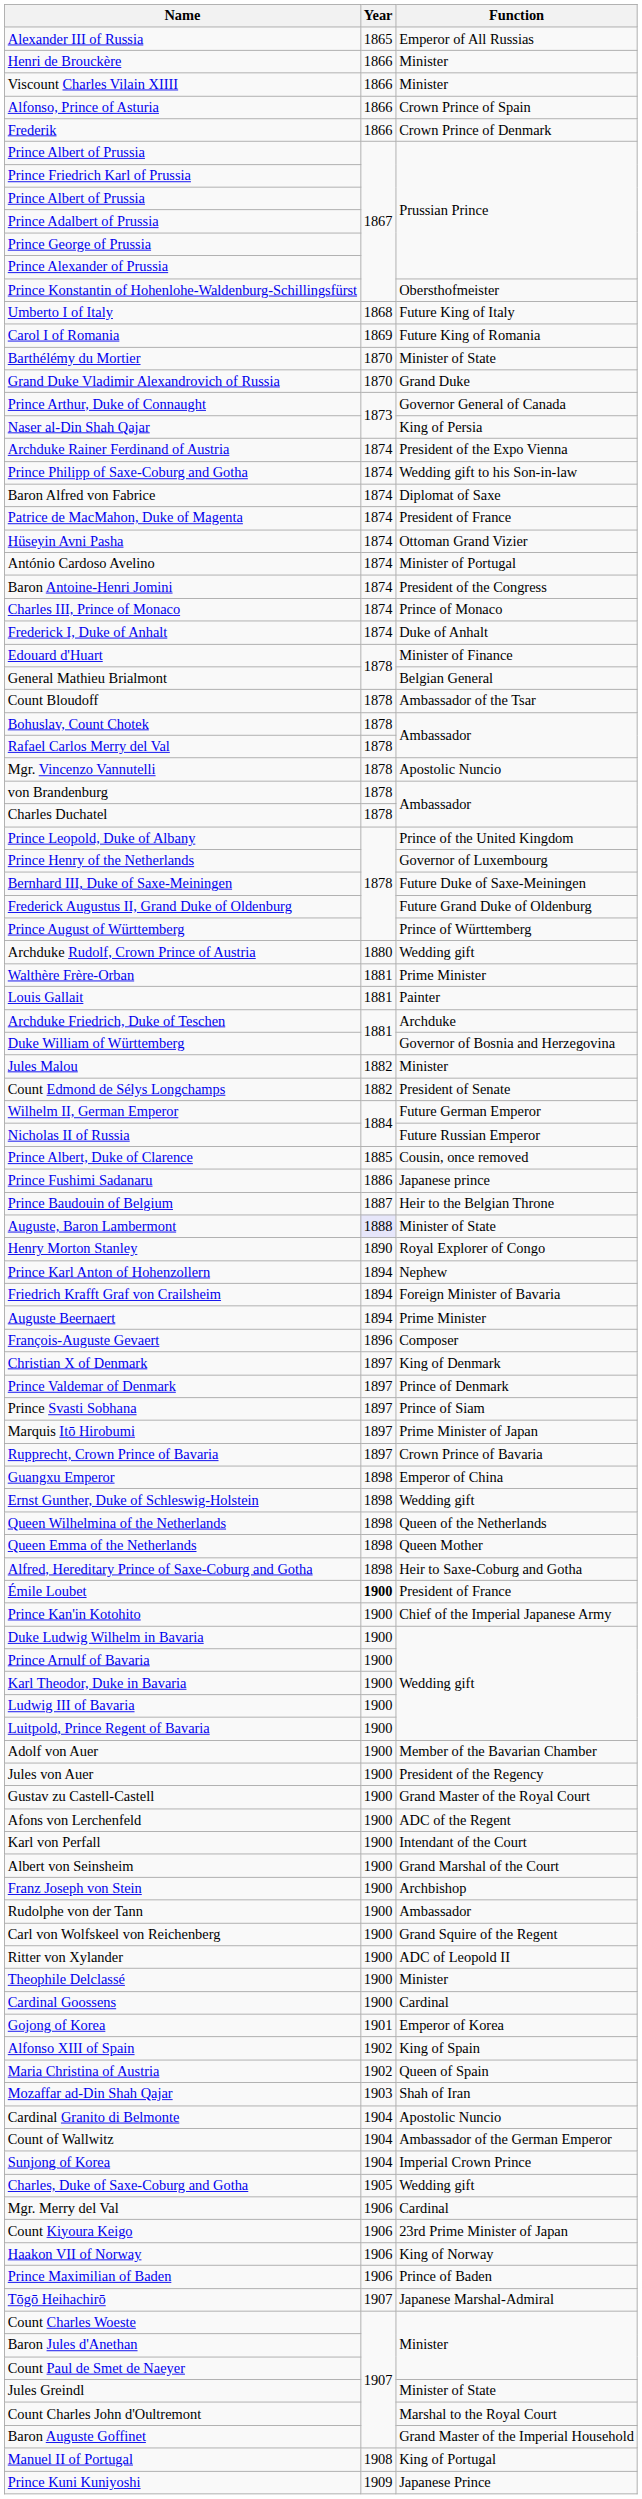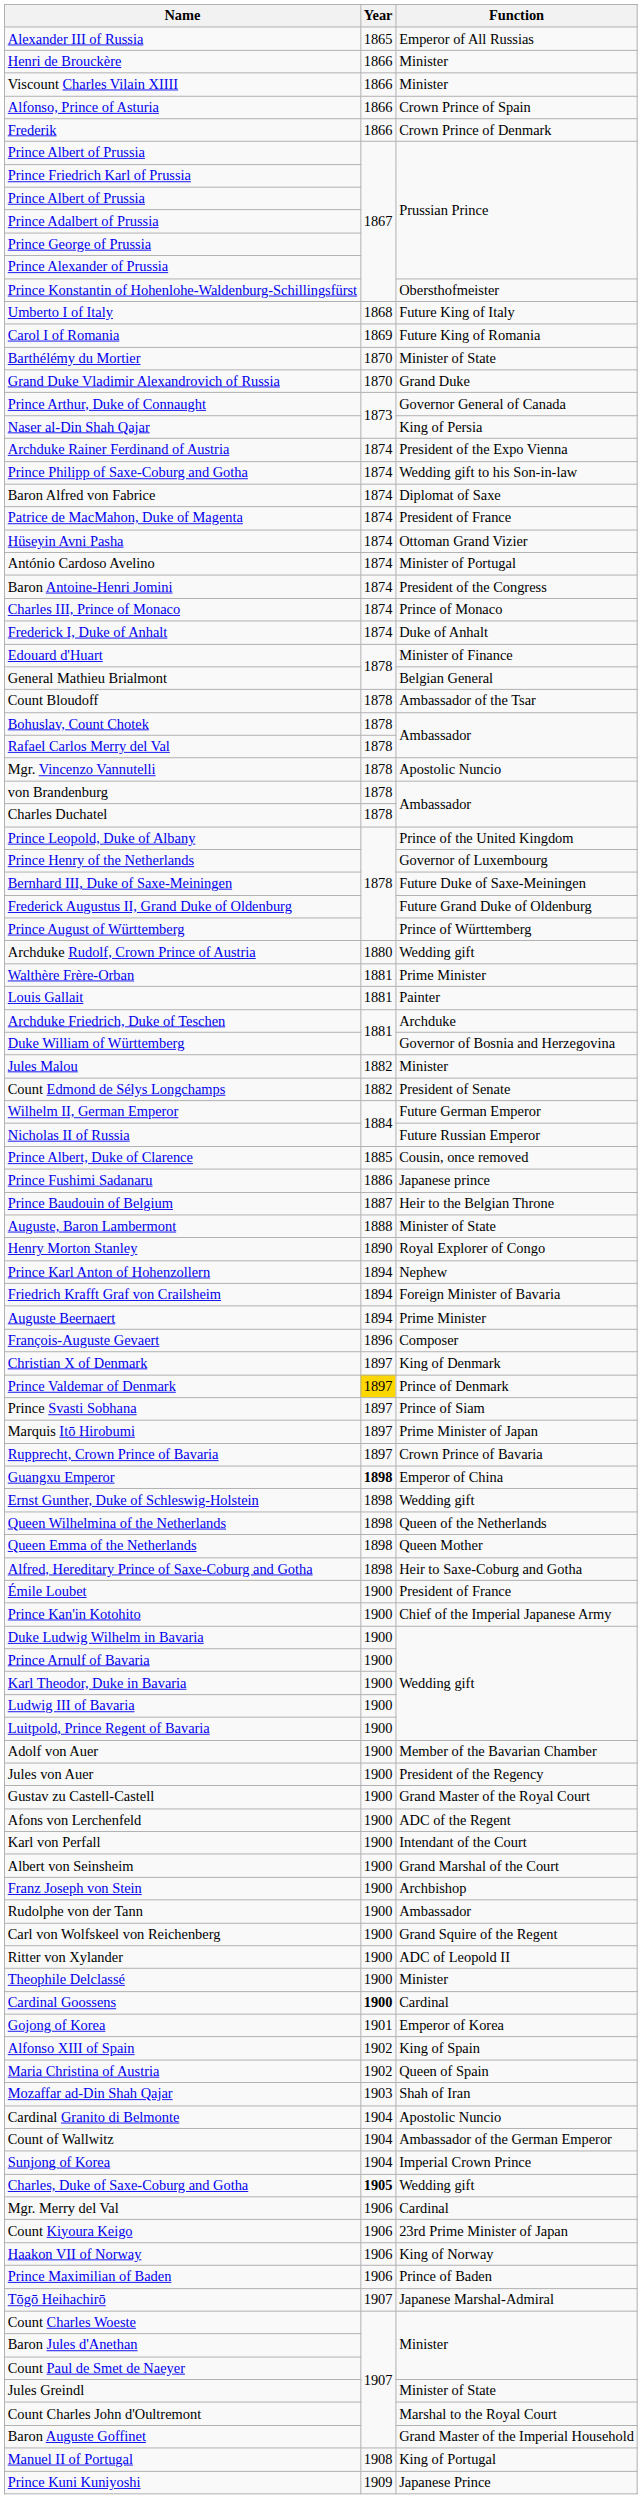 <table class="wikitable sortable">
 <tr>
 <th>Name</th>
 <th>Year</th>
 <th>Function</th>
 </tr>
 <tr>
 <td><a href='#'>Alexander III of Russia</a></td>
 <td>1865</td>
 <td>Emperor of All Russias</td>
 </tr>
 <tr>
 <td><a href='#'>Henri de Brouckère</a></td>
 <td>1866</td>
 <td>Minister</td>
 </tr>
 <tr>
 <td>Viscount <a href='#'>Charles Vilain XIIII</a></td>
 <td>1866</td>
 <td>Minister</td>
 </tr>
 <tr>
 <td><a href='#'>Alfonso, Prince of Asturia</a></td>
 <td>1866</td>
 <td>Crown Prince of Spain</td>
 </tr>
 <tr>
 <td><a href='#'>Frederik</a></td>
 <td>1866</td>
 <td>Crown Prince of Denmark</td>
 </tr>
 <tr>
 <td><a href='#'>Prince Albert of Prussia</a></td>
 <td rowspan="7">1867</td>
 <td rowspan="6">Prussian Prince</td>
 </tr>
 <tr>
 <td><a href='#'>Prince Friedrich Karl of Prussia</a></td>
 </tr>
 <tr>
 <td><a href='#'>Prince Albert of Prussia</a></td>
 </tr>
 <tr>
 <td><a href='#'>Prince Adalbert of Prussia</a></td>
 </tr>
 <tr>
 <td><a href='#'>Prince George of Prussia</a></td>
 </tr>
 <tr>
 <td><a href='#'>Prince Alexander of Prussia</a></td>
 </tr>
 <tr>
 <td><a href='#'>Prince Konstantin of Hohenlohe-Waldenburg-Schillingsfürst</a></td>
 <td>Obersthofmeister</td>
 </tr>
 <tr>
 <td><a href='#'>Umberto I of Italy</a></td>
 <td>1868</td>
 <td>Future King of Italy</td>
 </tr>
 <tr>
 <td><a href='#'>Carol I of Romania</a></td>
 <td>1869</td>
 <td>Future King of Romania</td>
 </tr>
 <tr>
 <td><a href='#'>Barthélémy du Mortier</a></td>
 <td>1870</td>
 <td>Minister of State</td>
 </tr>
 <tr>
 <td><a href='#'>Grand Duke Vladimir Alexandrovich of Russia</a></td>
 <td>1870</td>
 <td>Grand Duke</td>
 </tr>
 <tr>
 <td><a href='#'>Prince Arthur, Duke of Connaught</a></td>
 <td rowspan="2">1873</td>
 <td>Governor General of Canada</td>
 </tr>
 <tr>
 <td><a href='#'>Naser al-Din Shah Qajar</a></td>
 <td>King of Persia</td>
 </tr>
 <tr>
 <td><a href='#'>Archduke Rainer Ferdinand of Austria</a></td>
 <td>1874</td>
 <td>President of the Expo Vienna</td>
 </tr>
 <tr>
 <td><a href='#'>Prince Philipp of Saxe-Coburg and Gotha</a></td>
 <td>1874</td>
 <td>Wedding gift to his Son-in-law</td>
 </tr>
 <tr>
 <td>Baron Alfred von Fabrice</td>
 <td>1874</td>
 <td>Diplomat of Saxe</td>
 </tr>
 <tr>
 <td><a href='#'>Patrice de MacMahon, Duke of Magenta</a></td>
 <td>1874</td>
 <td>President of France</td>
 </tr>
 <tr>
 <td><a href='#'>Hüseyin Avni Pasha</a></td>
 <td>1874</td>
 <td>Ottoman Grand Vizier</td>
 </tr>
 <tr>
 <td>António Cardoso Avelino</td>
 <td>1874</td>
 <td>Minister of Portugal</td>
 </tr>
 <tr>
 <td>Baron <a href='#'>Antoine-Henri Jomini</a></td>
 <td>1874</td>
 <td>President of the Congress</td>
 </tr>
 <tr>
 <td><a href='#'>Charles III, Prince of Monaco</a></td>
 <td>1874</td>
 <td>Prince of Monaco</td>
 </tr>
 <tr>
 <td><a href='#'>Frederick I, Duke of Anhalt</a></td>
 <td>1874</td>
 <td>Duke of Anhalt</td>
 </tr>
 <tr>
 <td><a href='#'>Edouard d'Huart</a></td>
 <td rowspan="2">1878</td>
 <td>Minister of Finance</td>
 </tr>
 <tr>
 <td>General Mathieu Brialmont</td>
 <td>Belgian General</td>
 </tr>
 <tr>
 <td>Count Bloudoff</td>
 <td>1878</td>
 <td>Ambassador of the Tsar</td>
 </tr>
 <tr>
 <td><a href='#'>Bohuslav, Count Chotek</a></td>
 <td>1878</td>
 <td rowspan="2">Ambassador</td>
 </tr>
 <tr>
 <td><a href='#'>Rafael Carlos Merry del Val</a></td>
 <td>1878</td>
 </tr>
 <tr>
 <td>Mgr. <a href='#'>Vincenzo Vannutelli</a></td>
 <td>1878</td>
 <td>Apostolic Nuncio</td>
 </tr>
 <tr>
 <td>von Brandenburg</td>
 <td>1878</td>
 <td rowspan="2">Ambassador</td>
 </tr>
 <tr>
 <td>Charles Duchatel</td>
 <td>1878</td>
 </tr>
 <tr>
 <td><a href='#'>Prince Leopold, Duke of Albany</a></td>
 <td rowspan="5">1878</td>
 <td>Prince of the United Kingdom</td>
 </tr>
 <tr>
 <td><a href='#'>Prince Henry of the Netherlands</a></td>
 <td>Governor of Luxembourg</td>
 </tr>
 <tr>
 <td><a href='#'>Bernhard III, Duke of Saxe-Meiningen</a></td>
 <td>Future Duke of Saxe-Meiningen</td>
 </tr>
 <tr>
 <td><a href='#'>Frederick Augustus II, Grand Duke of Oldenburg</a></td>
 <td>Future Grand Duke of Oldenburg</td>
 </tr>
 <tr>
 <td><a href='#'>Prince August of Württemberg</a></td>
 <td>Prince of Württemberg</td>
 </tr>
 <tr>
 <td>Archduke <a href='#'>Rudolf, Crown Prince of Austria</a></td>
 <td>1880</td>
 <td>Wedding gift</td>
 </tr>
 <tr>
 <td><a href='#'>Walthère Frère-Orban</a></td>
 <td>1881</td>
 <td>Prime Minister</td>
 </tr>
 <tr>
 <td><a href='#'>Louis Gallait</a></td>
 <td>1881</td>
 <td>Painter</td>
 </tr>
 <tr>
 <td><a href='#'>Archduke Friedrich, Duke of Teschen</a></td>
 <td rowspan="2">1881</td>
 <td>Archduke</td>
 </tr>
 <tr>
 <td><a href='#'>Duke William of Württemberg</a></td>
 <td>Governor of Bosnia and Herzegovina</td>
 </tr>
 <tr>
 <td><a href='#'>Jules Malou</a></td>
 <td>1882</td>
 <td>Minister</td>
 </tr>
 <tr>
 <td>Count <a href='#'>Edmond de Sélys Longchamps</a></td>
 <td>1882</td>
 <td>President of Senate</td>
 </tr>
 <tr>
 <td><a href='#'>Wilhelm II, German Emperor</a></td>
 <td rowspan="2">1884</td>
 <td>Future German Emperor</td>
 </tr>
 <tr>
 <td><a href='#'>Nicholas II of Russia</a></td>
 <td>Future Russian Emperor</td>
 </tr>
 <tr>
 <td><a href='#'>Prince Albert, Duke of Clarence</a></td>
 <td>1885</td>
 <td>Cousin, once removed</td>
 </tr>
 <tr>
 <td><a href='#'>Prince Fushimi Sadanaru</a></td>
 <td>1886</td>
 <td>Japanese prince</td>
 </tr>
 <tr>
 <td><a href='#'>Prince Baudouin of Belgium</a></td>
 <td>1887</td>
 <td>Heir to the Belgian Throne</td>
 </tr>
 <tr>
 <td><a href='#'>Auguste, Baron Lambermont</a></td>
-<td style="background: lavender;">1888</td>
+<td>1888</td>
 <td>Minister of State</td>
 </tr>
 <tr>
 <td><a href='#'>Henry Morton Stanley</a></td>
 <td>1890</td>
 <td>Royal Explorer of Congo</td>
 </tr>
 <tr>
 <td><a href='#'>Prince Karl Anton of Hohenzollern</a></td>
 <td>1894</td>
 <td>Nephew</td>
 </tr>
 <tr>
 <td><a href='#'>Friedrich Krafft Graf von Crailsheim</a></td>
 <td>1894</td>
 <td>Foreign Minister of Bavaria</td>
 </tr>
 <tr>
 <td><a href='#'>Auguste Beernaert</a></td>
 <td>1894</td>
 <td>Prime Minister</td>
 </tr>
 <tr>
 <td><a href='#'>François-Auguste Gevaert</a></td>
 <td>1896</td>
 <td>Composer</td>
 </tr>
 <tr>
 <td><a href='#'>Christian X of Denmark</a></td>
 <td>1897</td>
 <td>King of Denmark</td>
 </tr>
 <tr>
 <td><a href='#'>Prince Valdemar of Denmark</a></td>
-<td>1897</td>
+<td style="background: gold;">1897</td>
 <td>Prince of Denmark</td>
 </tr>
 <tr>
 <td>Prince <a href='#'>Svasti Sobhana</a></td>
 <td>1897</td>
 <td>Prince of Siam</td>
 </tr>
 <tr>
 <td>Marquis <a href='#'>Itō Hirobumi</a></td>
 <td>1897</td>
 <td>Prime Minister of Japan</td>
 </tr>
 <tr>
 <td><a href='#'>Rupprecht, Crown Prince of Bavaria</a></td>
 <td>1897</td>
 <td>Crown Prince of Bavaria</td>
 </tr>
 <tr>
 <td><a href='#'>Guangxu Emperor</a></td>
-<td>1898</td>
+<td><strong>1898</strong></td>
 <td>Emperor of China</td>
 </tr>
 <tr>
 <td><a href='#'>Ernst Gunther, Duke of Schleswig-Holstein</a></td>
 <td>1898</td>
 <td>Wedding gift</td>
 </tr>
 <tr>
 <td><a href='#'>Queen Wilhelmina of the Netherlands</a></td>
 <td>1898</td>
 <td>Queen of the Netherlands</td>
 </tr>
 <tr>
 <td><a href='#'>Queen Emma of the Netherlands</a></td>
 <td>1898</td>
 <td>Queen Mother</td>
 </tr>
 <tr>
 <td><a href='#'>Alfred, Hereditary Prince of Saxe-Coburg and Gotha</a></td>
 <td>1898</td>
 <td>Heir to Saxe-Coburg and Gotha</td>
 </tr>
 <tr>
 <td><a href='#'>Émile Loubet</a></td>
-<td><strong>1900</strong></td>
+<td>1900</td>
 <td>President of France</td>
 </tr>
 <tr>
 <td><a href='#'>Prince Kan'in Kotohito</a></td>
 <td>1900</td>
 <td>Chief of the Imperial Japanese Army</td>
 </tr>
 <tr>
 <td><a href='#'>Duke Ludwig Wilhelm in Bavaria</a></td>
 <td>1900</td>
 <td rowspan="5">Wedding gift</td>
 </tr>
 <tr>
 <td><a href='#'>Prince Arnulf of Bavaria</a></td>
 <td>1900</td>
 </tr>
 <tr>
 <td><a href='#'>Karl Theodor, Duke in Bavaria</a></td>
 <td>1900</td>
 </tr>
 <tr>
 <td><a href='#'>Ludwig III of Bavaria</a></td>
 <td>1900</td>
 </tr>
 <tr>
 <td><a href='#'>Luitpold, Prince Regent of Bavaria</a></td>
 <td>1900</td>
 </tr>
 <tr>
 <td>Adolf von Auer</td>
 <td>1900</td>
 <td>Member of the Bavarian Chamber</td>
 </tr>
 <tr>
 <td>Jules von Auer</td>
 <td>1900</td>
 <td>President of the Regency</td>
 </tr>
 <tr>
 <td>Gustav zu Castell-Castell</td>
 <td>1900</td>
 <td>Grand Master of the Royal Court</td>
 </tr>
 <tr>
 <td>Afons von Lerchenfeld</td>
 <td>1900</td>
 <td>ADC of the Regent</td>
 </tr>
 <tr>
 <td>Karl von Perfall</td>
 <td>1900</td>
 <td>Intendant of the Court</td>
 </tr>
 <tr>
 <td>Albert von Seinsheim</td>
 <td>1900</td>
 <td>Grand Marshal of the Court</td>
 </tr>
 <tr>
 <td><a href='#'>Franz Joseph von Stein</a></td>
 <td>1900</td>
 <td>Archbishop</td>
 </tr>
 <tr>
 <td>Rudolphe von der Tann</td>
 <td>1900</td>
 <td>Ambassador</td>
 </tr>
 <tr>
 <td>Carl von Wolfskeel von Reichenberg</td>
 <td>1900</td>
 <td>Grand Squire of the Regent</td>
 </tr>
 <tr>
 <td>Ritter von Xylander</td>
 <td>1900</td>
 <td>ADC of Leopold II</td>
 </tr>
 <tr>
 <td><a href='#'>Theophile Delclassé</a></td>
 <td>1900</td>
 <td>Minister</td>
 </tr>
 <tr>
 <td><a href='#'>Cardinal Goossens</a></td>
-<td>1900</td>
+<td><strong>1900</strong></td>
 <td>Cardinal</td>
 </tr>
 <tr>
 <td><a href='#'>Gojong of Korea</a></td>
 <td>1901</td>
 <td>Emperor of Korea</td>
 </tr>
 <tr>
 <td><a href='#'>Alfonso XIII of Spain</a></td>
 <td>1902</td>
 <td>King of Spain</td>
 </tr>
 <tr>
 <td><a href='#'>Maria Christina of Austria</a></td>
 <td>1902</td>
 <td>Queen of Spain</td>
 </tr>
 <tr>
 <td><a href='#'>Mozaffar ad-Din Shah Qajar</a></td>
 <td>1903</td>
 <td>Shah of Iran</td>
 </tr>
 <tr>
 <td>Cardinal <a href='#'>Granito di Belmonte</a></td>
 <td>1904</td>
 <td>Apostolic Nuncio</td>
 </tr>
 <tr>
 <td>Count of Wallwitz</td>
 <td>1904</td>
 <td>Ambassador of the German Emperor</td>
 </tr>
 <tr>
 <td><a href='#'>Sunjong of Korea</a></td>
 <td>1904</td>
 <td>Imperial Crown Prince</td>
 </tr>
 <tr>
 <td><a href='#'>Charles, Duke of Saxe-Coburg and Gotha</a></td>
-<td>1905</td>
+<td><strong>1905</strong></td>
 <td>Wedding gift</td>
 </tr>
 <tr>
 <td>Mgr. Merry del Val</td>
 <td>1906</td>
 <td>Cardinal</td>
 </tr>
 <tr>
 <td>Count <a href='#'>Kiyoura Keigo</a></td>
 <td>1906</td>
 <td>23rd Prime Minister of Japan</td>
 </tr>
 <tr>
 <td><a href='#'>Haakon VII of Norway</a></td>
 <td>1906</td>
 <td>King of Norway</td>
 </tr>
 <tr>
 <td><a href='#'>Prince Maximilian of Baden</a></td>
 <td>1906</td>
 <td>Prince of Baden</td>
 </tr>
 <tr>
 <td><a href='#'>Tōgō Heihachirō</a></td>
 <td>1907</td>
 <td>Japanese Marshal-Admiral</td>
 </tr>
 <tr>
 <td>Count <a href='#'>Charles Woeste</a></td>
 <td rowspan="6">1907</td>
 <td rowspan="3">Minister</td>
 </tr>
 <tr>
 <td>Baron <a href='#'>Jules d'Anethan</a></td>
 </tr>
 <tr>
 <td>Count <a href='#'>Paul de Smet de Naeyer</a></td>
 </tr>
 <tr>
 <td>Jules Greindl</td>
 <td>Minister of State</td>
 </tr>
 <tr>
 <td>Count Charles John d'Oultremont</td>
 <td>Marshal to the Royal Court</td>
 </tr>
 <tr>
 <td>Baron <a href='#'>Auguste Goffinet</a></td>
 <td>Grand Master of the Imperial Household</td>
 </tr>
 <tr>
 <td><a href='#'>Manuel II of Portugal</a></td>
 <td>1908</td>
 <td>King of Portugal</td>
 </tr>
 <tr>
 <td><a href='#'>Prince Kuni Kuniyoshi</a></td>
 <td>1909</td>
 <td>Japanese Prince</td>
 </tr>
 </table>
